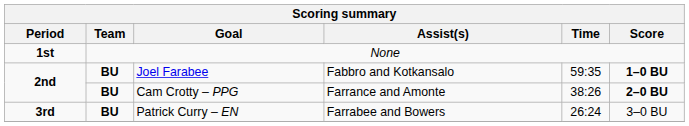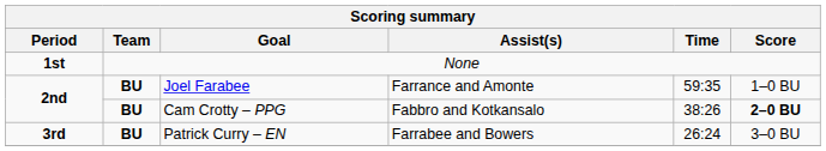 <table style="width:100%;" class="wikitable">
 <tr>
 <th colspan=6>Scoring summary</th>
 </tr>
 <tr>
 <th style="width:12%;">Period</th>
 <th style="width:7%;">Team</th>
 <th style="width:28%;">Goal</th>
 <th style="width:35%;">Assist(s)</th>
 <th style="width:7%;">Time</th>
 <th style="width:11%;">Score</th>
 </tr>
 <tr>
 <td style="text-align:center;" rowspan="1"><strong>1st</strong></td>
 <td style="text-align:center;" colspan="5"><em>None</em></td>
 </tr>
 <tr>
 <td style="text-align:center;" rowspan="2"><strong>2nd</strong></td>
 <td align=center><strong>BU</strong></td>
 <td><a href='#'>Joel Farabee</a></td>
-<td>Fabbro and Kotkansalo</td>
+<td>Farrance and Amonte</td>
 <td align=center>59:35</td>
-<td align=center><strong>1–0 BU</strong></td>
+<td align=center>1–0 BU</td>
 </tr>
 <tr>
 <td align=center><strong>BU</strong></td>
 <td>Cam Crotty – <em>PPG</em></td>
-<td>Farrance and Amonte</td>
+<td>Fabbro and Kotkansalo</td>
 <td align=center>38:26</td>
 <td align=center><strong>2–0 BU</strong></td>
 </tr>
 <tr>
 <td style="text-align:center;" rowspan="1"><strong>3rd</strong></td>
 <td align=center><strong>BU</strong></td>
 <td>Patrick Curry – <em>EN</em></td>
 <td>Farrabee and Bowers</td>
 <td align=center>26:24</td>
 <td align=center>3–0 BU</td>
 </tr>
 <tr>
 </tr>
 </table>
